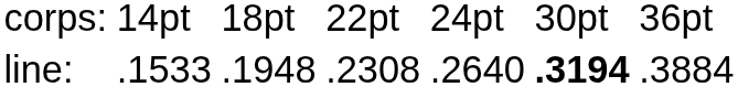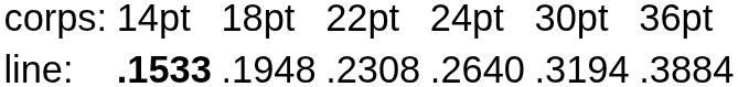 <table style="margin-left:40px;">
 <tr>
 <td>corps:</td>
 <td>14pt</td>
 <td>18pt</td>
 <td>22pt</td>
 <td>24pt</td>
 <td>30pt</td>
 <td>36pt</td>
 </tr>
 <tr>
 <td>line:</td>
-<td>.1533</td>
+<td><strong>.1533</strong></td>
 <td>.1948</td>
 <td>.2308</td>
 <td>.2640</td>
-<td><strong>.3194</strong></td>
+<td>.3194</td>
 <td>.3884</td>
 </tr>
 </table>
